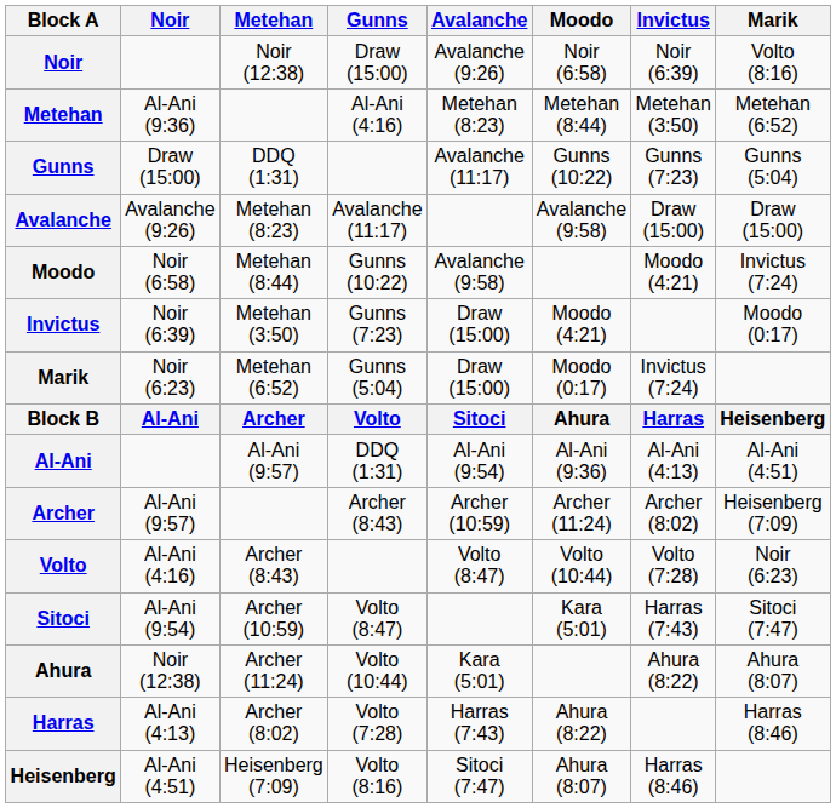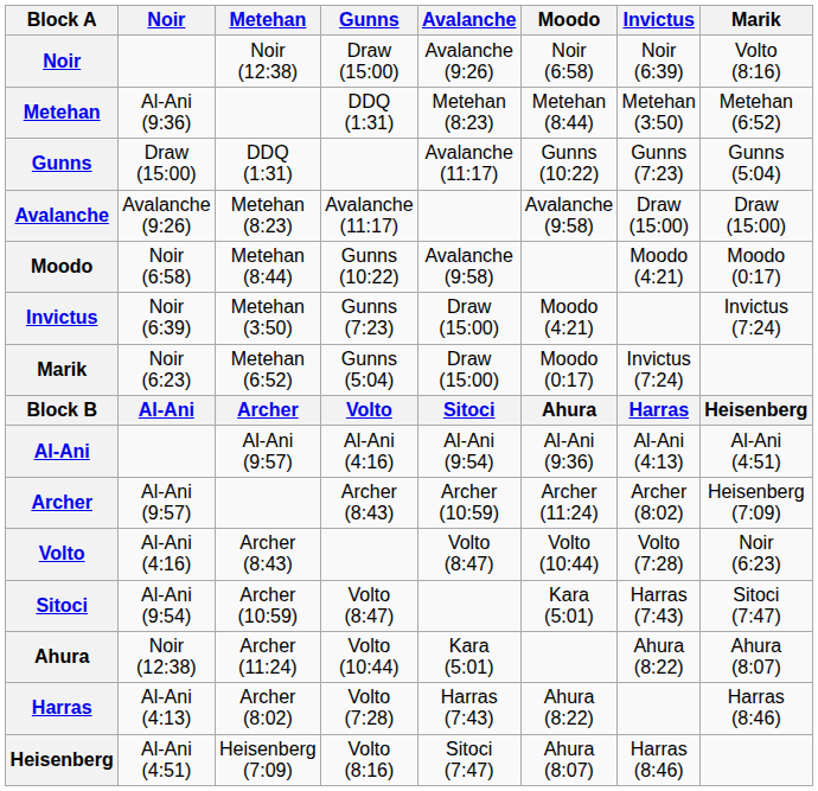 <table class="wikitable" style="margin: 1em auto 1em auto">
 <tr align="center">
 <th>Block A</th>
 <th><a href='#'>Noir</a></th>
 <th><a href='#'>Metehan</a></th>
 <th><a href='#'>Gunns</a></th>
 <th><a href='#'>Avalanche</a></th>
 <th>Moodo</th>
 <th><a href='#'>Invictus</a></th>
 <th>Marik</th>
 </tr>
 <tr align="center">
 <th><a href='#'>Noir</a></th>
 <td></td>
 <td>Noir<br>(12:38)</td>
 <td>Draw<br>(15:00)</td>
 <td>Avalanche<br>(9:26)</td>
 <td>Noir<br>(6:58)</td>
 <td>Noir<br>(6:39)</td>
 <td>Volto<br>(8:16)</td>
 </tr>
 <tr align="center">
 <th><a href='#'>Metehan</a></th>
 <td>Al-Ani<br>(9:36)</td>
 <td></td>
-<td>Al-Ani<br>(4:16)</td>
+<td>DDQ<br>(1:31)</td>
 <td>Metehan<br>(8:23)</td>
 <td>Metehan<br>(8:44)</td>
 <td>Metehan<br>(3:50)</td>
 <td>Metehan<br>(6:52)</td>
 </tr>
 <tr align="center">
 <th><a href='#'>Gunns</a></th>
 <td>Draw<br>(15:00)</td>
 <td>DDQ<br>(1:31)</td>
 <td></td>
 <td>Avalanche<br>(11:17)</td>
 <td>Gunns<br>(10:22)</td>
 <td>Gunns<br>(7:23)</td>
 <td>Gunns<br>(5:04)</td>
 </tr>
 <tr align="center">
 <th><a href='#'>Avalanche</a></th>
 <td>Avalanche<br>(9:26)</td>
 <td>Metehan<br>(8:23)</td>
 <td>Avalanche<br>(11:17)</td>
 <td></td>
 <td>Avalanche<br>(9:58)</td>
 <td>Draw<br>(15:00)</td>
 <td>Draw<br>(15:00)</td>
 </tr>
 <tr align="center">
 <th>Moodo</th>
 <td>Noir<br>(6:58)</td>
 <td>Metehan<br>(8:44)</td>
 <td>Gunns<br>(10:22)</td>
 <td>Avalanche<br>(9:58)</td>
 <td></td>
 <td>Moodo<br>(4:21)</td>
-<td>Invictus<br>(7:24)</td>
+<td>Moodo<br>(0:17)</td>
 </tr>
 <tr align="center">
 <th><a href='#'>Invictus</a></th>
 <td>Noir<br>(6:39)</td>
 <td>Metehan<br>(3:50)</td>
 <td>Gunns<br>(7:23)</td>
 <td>Draw<br>(15:00)</td>
 <td>Moodo<br>(4:21)</td>
 <td></td>
-<td>Moodo<br>(0:17)</td>
+<td>Invictus<br>(7:24)</td>
 </tr>
 <tr align="center">
 <th>Marik</th>
 <td>Noir<br>(6:23)</td>
 <td>Metehan<br>(6:52)</td>
 <td>Gunns<br>(5:04)</td>
 <td>Draw<br>(15:00)</td>
 <td>Moodo<br>(0:17)</td>
 <td>Invictus<br>(7:24)</td>
 <td></td>
 </tr>
 <tr align="center">
 <th>Block B</th>
 <th><a href='#'>Al-Ani</a></th>
 <th><a href='#'>Archer</a></th>
 <th><a href='#'>Volto</a></th>
 <th><a href='#'>Sitoci</a></th>
 <th>Ahura</th>
 <th><a href='#'>Harras</a></th>
 <th>Heisenberg</th>
 </tr>
 <tr align="center">
 <th><a href='#'>Al-Ani</a></th>
 <td></td>
 <td>Al-Ani<br>(9:57)</td>
-<td>DDQ<br>(1:31)</td>
+<td>Al-Ani<br>(4:16)</td>
 <td>Al-Ani<br>(9:54)</td>
 <td>Al-Ani<br>(9:36)</td>
 <td>Al-Ani<br>(4:13)</td>
 <td>Al-Ani<br>(4:51)</td>
 </tr>
 <tr align="center">
 <th><a href='#'>Archer</a></th>
 <td>Al-Ani<br>(9:57)</td>
 <td></td>
 <td>Archer<br>(8:43)</td>
 <td>Archer<br>(10:59)</td>
 <td>Archer<br>(11:24)</td>
 <td>Archer<br>(8:02)</td>
 <td>Heisenberg<br>(7:09)</td>
 </tr>
 <tr align="center">
 <th><a href='#'>Volto</a></th>
 <td>Al-Ani<br>(4:16)</td>
 <td>Archer<br>(8:43)</td>
 <td></td>
 <td>Volto<br>(8:47)</td>
 <td>Volto<br>(10:44)</td>
 <td>Volto<br>(7:28)</td>
 <td>Noir<br>(6:23)</td>
 </tr>
 <tr align="center">
 <th><a href='#'>Sitoci</a></th>
 <td>Al-Ani<br>(9:54)</td>
 <td>Archer<br>(10:59)</td>
 <td>Volto<br>(8:47)</td>
 <td></td>
 <td>Kara<br>(5:01)</td>
 <td>Harras<br>(7:43)</td>
 <td>Sitoci<br>(7:47)</td>
 </tr>
 <tr align="center">
 <th>Ahura</th>
 <td>Noir<br>(12:38)</td>
 <td>Archer<br>(11:24)</td>
 <td>Volto<br>(10:44)</td>
 <td>Kara<br>(5:01)</td>
 <td></td>
 <td>Ahura<br>(8:22)</td>
 <td>Ahura<br>(8:07)</td>
 </tr>
 <tr align="center">
 <th><a href='#'>Harras</a></th>
 <td>Al-Ani<br>(4:13)</td>
 <td>Archer<br>(8:02)</td>
 <td>Volto<br>(7:28)</td>
 <td>Harras<br>(7:43)</td>
 <td>Ahura<br>(8:22)</td>
 <td></td>
 <td>Harras<br>(8:46)</td>
 </tr>
 <tr align="center">
 <th>Heisenberg</th>
 <td>Al-Ani<br>(4:51)</td>
 <td>Heisenberg<br>(7:09)</td>
 <td>Volto<br>(8:16)</td>
 <td>Sitoci<br>(7:47)</td>
 <td>Ahura<br>(8:07)</td>
 <td>Harras<br>(8:46)</td>
 <td></td>
 </tr>
 </table>
